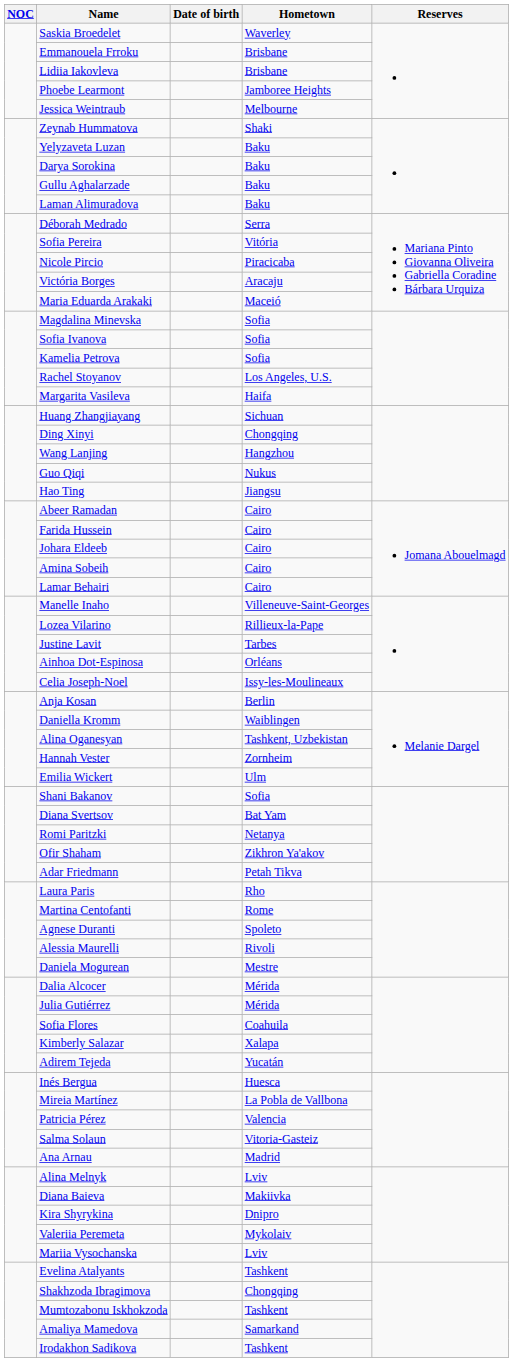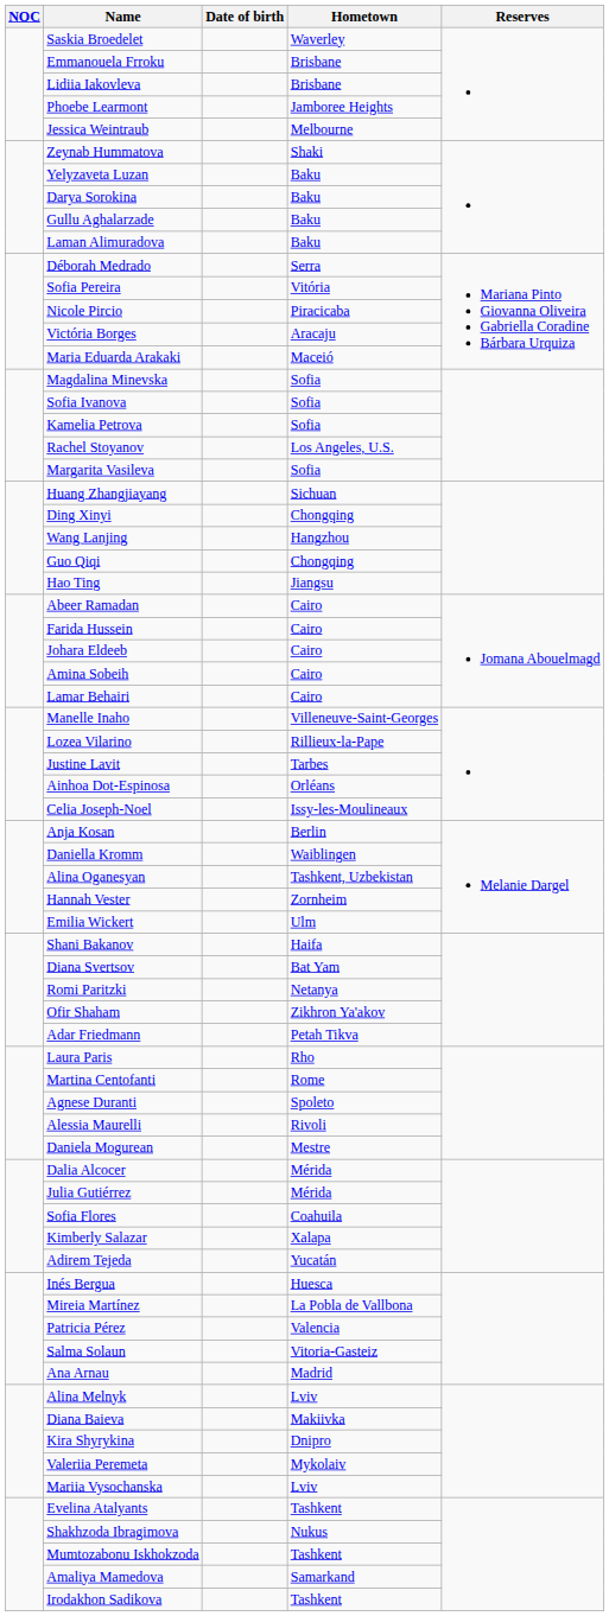 <table class="wikitable sortable">
 <tr>
 <th><a href='#'>NOC</a></th>
 <th>Name</th>
 <th>Date of birth</th>
 <th>Hometown</th>
 <th>Reserves</th>
 </tr>
 <tr>
 <td rowspan="5"></td>
 <td><a href='#'>Saskia Broedelet</a></td>
 <td></td>
 <td><a href='#'>Waverley</a></td>
 <td rowspan="5"><br><ul><li></li></ul></td>
 </tr>
 <tr>
 <td><a href='#'>Emmanouela Frroku</a></td>
 <td></td>
 <td><a href='#'>Brisbane</a></td>
 </tr>
 <tr>
 <td><a href='#'>Lidiia Iakovleva</a></td>
 <td></td>
 <td><a href='#'>Brisbane</a></td>
 </tr>
 <tr>
 <td><a href='#'>Phoebe Learmont</a></td>
 <td></td>
 <td><a href='#'>Jamboree Heights</a></td>
 </tr>
 <tr>
 <td><a href='#'>Jessica Weintraub</a></td>
 <td></td>
 <td><a href='#'>Melbourne</a></td>
 </tr>
 <tr>
 <td rowspan="5"></td>
 <td><a href='#'>Zeynab Hummatova</a></td>
 <td></td>
 <td><a href='#'>Shaki</a></td>
 <td rowspan="5"><br><ul><li></li></ul></td>
 </tr>
 <tr>
 <td><a href='#'>Yelyzaveta Luzan</a></td>
 <td></td>
 <td><a href='#'>Baku</a></td>
 </tr>
 <tr>
 <td><a href='#'>Darya Sorokina</a></td>
 <td></td>
 <td><a href='#'>Baku</a></td>
 </tr>
 <tr>
 <td><a href='#'>Gullu Aghalarzade</a></td>
 <td></td>
 <td><a href='#'>Baku</a></td>
 </tr>
 <tr>
 <td><a href='#'>Laman Alimuradova</a></td>
 <td></td>
 <td><a href='#'>Baku</a></td>
 </tr>
 <tr>
 <td rowspan="5"></td>
 <td><a href='#'>Déborah Medrado</a></td>
 <td></td>
 <td><a href='#'>Serra</a></td>
 <td rowspan="5"><br><ul><li><a href='#'>Mariana Pinto</a></li><li><a href='#'>Giovanna Oliveira</a></li><li><a href='#'>Gabriella Coradine</a></li><li><a href='#'>Bárbara Urquiza</a></li></ul></td>
 </tr>
 <tr>
 <td><a href='#'>Sofia Pereira</a></td>
 <td></td>
 <td><a href='#'>Vitória</a></td>
 </tr>
 <tr>
 <td><a href='#'>Nicole Pircio</a></td>
 <td></td>
 <td><a href='#'>Piracicaba</a></td>
 </tr>
 <tr>
 <td><a href='#'>Victória Borges</a></td>
 <td></td>
 <td><a href='#'>Aracaju</a></td>
 </tr>
 <tr>
 <td><a href='#'>Maria Eduarda Arakaki</a></td>
 <td></td>
 <td><a href='#'>Maceió</a></td>
 </tr>
 <tr>
 <td rowspan="5"></td>
 <td><a href='#'>Magdalina Minevska</a></td>
 <td></td>
 <td><a href='#'>Sofia</a></td>
 <td rowspan="5"></td>
 </tr>
 <tr>
 <td><a href='#'>Sofia Ivanova</a></td>
 <td></td>
 <td><a href='#'>Sofia</a></td>
 </tr>
 <tr>
 <td><a href='#'>Kamelia Petrova</a></td>
 <td></td>
 <td><a href='#'>Sofia</a></td>
 </tr>
 <tr>
 <td><a href='#'>Rachel Stoyanov</a></td>
 <td></td>
 <td><a href='#'>Los Angeles, U.S.</a></td>
 </tr>
 <tr>
 <td><a href='#'>Margarita Vasileva</a></td>
 <td></td>
-<td><a href='#'>Haifa</a></td>
+<td><a href='#'>Sofia</a></td>
 </tr>
 <tr>
 <td rowspan="5"></td>
 <td><a href='#'>Huang Zhangjiayang</a></td>
 <td></td>
 <td><a href='#'>Sichuan</a></td>
 <td rowspan="5"></td>
 </tr>
 <tr>
 <td><a href='#'>Ding Xinyi</a></td>
 <td></td>
 <td><a href='#'>Chongqing</a></td>
 </tr>
 <tr>
 <td><a href='#'>Wang Lanjing</a></td>
 <td></td>
 <td><a href='#'>Hangzhou</a></td>
 </tr>
 <tr>
 <td><a href='#'>Guo Qiqi</a></td>
 <td></td>
-<td><a href='#'>Nukus</a></td>
+<td><a href='#'>Chongqing</a></td>
 </tr>
 <tr>
 <td><a href='#'>Hao Ting</a></td>
 <td></td>
 <td><a href='#'>Jiangsu</a></td>
 </tr>
 <tr>
 <td rowspan="5"></td>
 <td><a href='#'>Abeer Ramadan</a></td>
 <td></td>
 <td><a href='#'>Cairo</a></td>
 <td rowspan="5"><br><ul><li><a href='#'>Jomana Abouelmagd</a></li></ul></td>
 </tr>
 <tr>
 <td><a href='#'>Farida Hussein</a></td>
 <td></td>
 <td><a href='#'>Cairo</a></td>
 </tr>
 <tr>
 <td><a href='#'>Johara Eldeeb</a></td>
 <td></td>
 <td><a href='#'>Cairo</a></td>
 </tr>
 <tr>
 <td><a href='#'>Amina Sobeih</a></td>
 <td></td>
 <td><a href='#'>Cairo</a></td>
 </tr>
 <tr>
 <td><a href='#'>Lamar Behairi</a></td>
 <td></td>
 <td><a href='#'>Cairo</a></td>
 </tr>
 <tr>
 <td rowspan="5"></td>
 <td><a href='#'>Manelle Inaho</a></td>
 <td></td>
 <td><a href='#'>Villeneuve-Saint-Georges</a></td>
 <td rowspan="5"><br><ul><li></li></ul></td>
 </tr>
 <tr>
 <td><a href='#'>Lozea Vilarino</a></td>
 <td></td>
 <td><a href='#'>Rillieux-la-Pape</a></td>
 </tr>
 <tr>
 <td><a href='#'>Justine Lavit</a></td>
 <td></td>
 <td><a href='#'>Tarbes</a></td>
 </tr>
 <tr>
 <td><a href='#'>Ainhoa Dot-Espinosa</a></td>
 <td></td>
 <td><a href='#'>Orléans</a></td>
 </tr>
 <tr>
 <td><a href='#'>Celia Joseph-Noel</a></td>
 <td></td>
 <td><a href='#'>Issy-les-Moulineaux</a></td>
 </tr>
 <tr>
 <td rowspan="5"></td>
 <td><a href='#'>Anja Kosan</a></td>
 <td></td>
 <td><a href='#'>Berlin</a></td>
 <td rowspan="5"><br><ul><li><a href='#'>Melanie Dargel</a></li></ul></td>
 </tr>
 <tr>
 <td><a href='#'>Daniella Kromm</a></td>
 <td></td>
 <td><a href='#'>Waiblingen</a></td>
 </tr>
 <tr>
 <td><a href='#'>Alina Oganesyan</a></td>
 <td></td>
 <td><a href='#'>Tashkent, Uzbekistan</a></td>
 </tr>
 <tr>
 <td><a href='#'>Hannah Vester</a></td>
 <td></td>
 <td><a href='#'>Zornheim</a></td>
 </tr>
 <tr>
 <td><a href='#'>Emilia Wickert</a></td>
 <td></td>
 <td><a href='#'>Ulm</a></td>
 </tr>
 <tr>
 <td rowspan="5"></td>
 <td><a href='#'>Shani Bakanov</a></td>
 <td></td>
-<td><a href='#'>Sofia</a></td>
+<td><a href='#'>Haifa</a></td>
 <td rowspan="5"></td>
 </tr>
 <tr>
 <td><a href='#'>Diana Svertsov</a></td>
 <td></td>
 <td><a href='#'>Bat Yam</a></td>
 </tr>
 <tr>
 <td><a href='#'>Romi Paritzki</a></td>
 <td></td>
 <td><a href='#'>Netanya</a></td>
 </tr>
 <tr>
 <td><a href='#'>Ofir Shaham</a></td>
 <td></td>
 <td><a href='#'>Zikhron Ya'akov</a></td>
 </tr>
 <tr>
 <td><a href='#'>Adar Friedmann</a></td>
 <td></td>
 <td><a href='#'>Petah Tikva</a></td>
 </tr>
 <tr>
 <td rowspan="5"></td>
 <td><a href='#'>Laura Paris</a></td>
 <td></td>
 <td><a href='#'>Rho</a></td>
 <td rowspan="5"></td>
 </tr>
 <tr>
 <td><a href='#'>Martina Centofanti</a></td>
 <td></td>
 <td><a href='#'>Rome</a></td>
 </tr>
 <tr>
 <td><a href='#'>Agnese Duranti</a></td>
 <td></td>
 <td><a href='#'>Spoleto</a></td>
 </tr>
 <tr>
 <td><a href='#'>Alessia Maurelli</a></td>
 <td></td>
 <td><a href='#'>Rivoli</a></td>
 </tr>
 <tr>
 <td><a href='#'>Daniela Mogurean</a></td>
 <td></td>
 <td><a href='#'>Mestre</a></td>
 </tr>
 <tr>
 <td rowspan="5"></td>
 <td><a href='#'>Dalia Alcocer</a></td>
 <td></td>
 <td><a href='#'>Mérida</a></td>
 <td rowspan="5"></td>
 </tr>
 <tr>
 <td><a href='#'>Julia Gutiérrez</a></td>
 <td></td>
 <td><a href='#'>Mérida</a></td>
 </tr>
 <tr>
 <td><a href='#'>Sofia Flores</a></td>
 <td></td>
 <td><a href='#'>Coahuila</a></td>
 </tr>
 <tr>
 <td><a href='#'>Kimberly Salazar</a></td>
 <td></td>
 <td><a href='#'>Xalapa</a></td>
 </tr>
 <tr>
 <td><a href='#'>Adirem Tejeda</a></td>
 <td></td>
 <td><a href='#'>Yucatán</a></td>
 </tr>
 <tr>
 <td rowspan="5"></td>
 <td><a href='#'>Inés Bergua</a></td>
 <td></td>
 <td><a href='#'>Huesca</a></td>
 <td rowspan="5"></td>
 </tr>
 <tr>
 <td><a href='#'>Mireia Martínez</a></td>
 <td></td>
 <td><a href='#'>La Pobla de Vallbona</a></td>
 </tr>
 <tr>
 <td><a href='#'>Patricia Pérez</a></td>
 <td></td>
 <td><a href='#'>Valencia</a></td>
 </tr>
 <tr>
 <td><a href='#'>Salma Solaun</a></td>
 <td></td>
 <td><a href='#'>Vitoria-Gasteiz</a></td>
 </tr>
 <tr>
 <td><a href='#'>Ana Arnau</a></td>
 <td></td>
 <td><a href='#'>Madrid</a></td>
 </tr>
 <tr>
 <td rowspan="5"></td>
 <td><a href='#'>Alina Melnyk</a></td>
 <td></td>
 <td><a href='#'>Lviv</a></td>
 <td rowspan="5"></td>
 </tr>
 <tr>
 <td><a href='#'>Diana Baieva</a></td>
 <td></td>
 <td><a href='#'>Makiivka</a></td>
 </tr>
 <tr>
 <td><a href='#'>Kira Shyrykina</a></td>
 <td></td>
 <td><a href='#'>Dnipro</a></td>
 </tr>
 <tr>
 <td><a href='#'>Valeriia Peremeta</a></td>
 <td></td>
 <td><a href='#'>Mykolaiv</a></td>
 </tr>
 <tr>
 <td><a href='#'>Mariia Vysochanska</a></td>
 <td></td>
 <td><a href='#'>Lviv</a></td>
 </tr>
 <tr>
 <td rowspan="5"></td>
 <td><a href='#'>Evelina Atalyants</a></td>
 <td></td>
 <td><a href='#'>Tashkent</a></td>
 <td rowspan="5"></td>
 </tr>
 <tr>
 <td><a href='#'>Shakhzoda Ibragimova</a></td>
 <td></td>
-<td><a href='#'>Chongqing</a></td>
+<td><a href='#'>Nukus</a></td>
 </tr>
 <tr>
 <td><a href='#'>Mumtozabonu Iskhokzoda</a></td>
 <td></td>
 <td><a href='#'>Tashkent</a></td>
 </tr>
 <tr>
 <td><a href='#'>Amaliya Mamedova</a></td>
 <td></td>
 <td><a href='#'>Samarkand</a></td>
 </tr>
 <tr>
 <td><a href='#'>Irodakhon Sadikova</a></td>
 <td></td>
 <td><a href='#'>Tashkent</a></td>
 </tr>
 </table>
